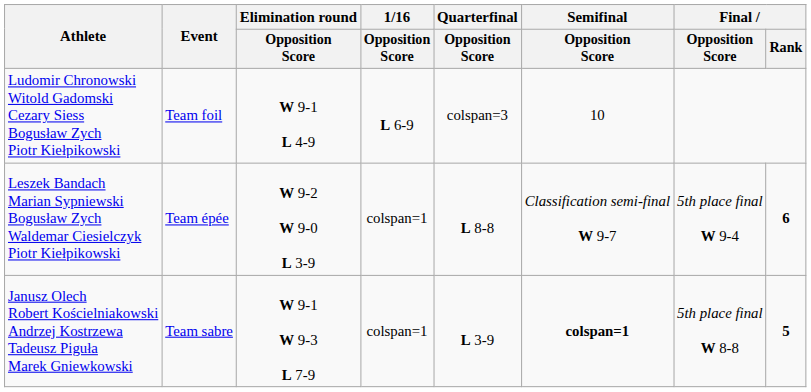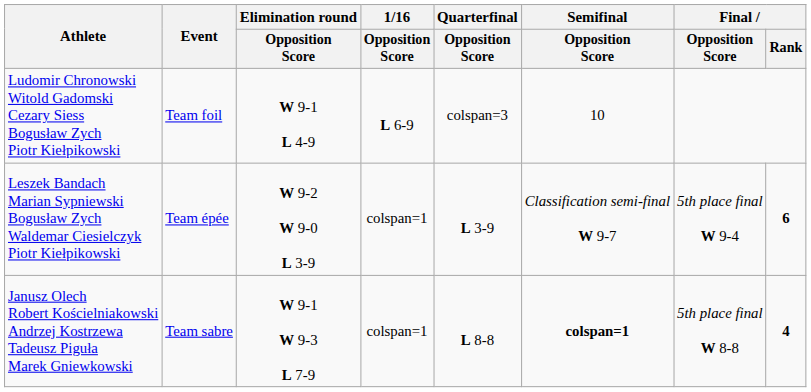 <table class="wikitable" style="font-size:90%">
 <tr>
 <th rowspan="2">Athlete</th>
 <th rowspan="2">Event</th>
 <th>Elimination round</th>
 <th>1/16</th>
 <th>Quarterfinal</th>
 <th>Semifinal</th>
 <th colspan=2>Final / </th>
 </tr>
 <tr style="font-size:95%">
 <th>Opposition <br> Score</th>
 <th>Opposition <br> Score</th>
 <th>Opposition <br> Score</th>
 <th>Opposition <br> Score</th>
 <th>Opposition <br> Score</th>
 <th>Rank</th>
 </tr>
 <tr align=center>
 <td align=left><a href='#'>Ludomir Chronowski</a><br><a href='#'>Witold Gadomski</a><br><a href='#'>Cezary Siess</a><br><a href='#'>Bogusław Zych</a><br><a href='#'>Piotr Kiełpikowski</a></td>
 <td align=left><a href='#'>Team foil</a></td>
 <td><br><strong>W</strong> 9-1<br><br><strong>L</strong> 4-9</td>
 <td><br><strong>L</strong> 6-9</td>
 <td>colspan=3 </td>
 <td>10</td>
 </tr>
 <tr align=center>
 <td align=left><a href='#'>Leszek Bandach</a><br><a href='#'>Marian Sypniewski</a><br><a href='#'>Bogusław Zych</a><br><a href='#'>Waldemar Ciesielczyk</a><br><a href='#'>Piotr Kiełpikowski</a></td>
 <td align=left><a href='#'>Team épée</a></td>
 <td><br><strong>W</strong> 9-2<br><br><strong>W</strong> 9-0<br><br><strong>L</strong> 3-9</td>
 <td>colspan=1 </td>
-<td><br><strong>L</strong> 8-8</td>
+<td><br><strong>L</strong> 3-9</td>
 <td><em>Classification semi-final</em><br><br><strong>W</strong> 9-7</td>
 <td><em>5th place final</em><br><br><strong>W</strong> 9-4</td>
 <td><strong>6</strong></td>
 </tr>
 <tr align=center>
 <td align=left><a href='#'>Janusz Olech</a><br><a href='#'>Robert Kościelniakowski</a><br><a href='#'>Andrzej Kostrzewa</a><br><a href='#'>Tadeusz Piguła</a><br><a href='#'>Marek Gniewkowski</a></td>
 <td align=left><a href='#'>Team sabre</a></td>
 <td><br><strong>W</strong> 9-1<br><br><strong>W</strong> 9-3<br><br><strong>L</strong> 7-9</td>
 <td>colspan=1 </td>
-<td><br><strong>L</strong> 3-9</td>
+<td><br><strong>L</strong> 8-8</td>
 <td><strong>colspan=1 </strong></td>
 <td><em>5th place final</em><br><br><strong>W</strong> 8-8</td>
-<td><strong>5</strong></td>
+<td><strong>4</strong></td>
 </tr>
 </table>
